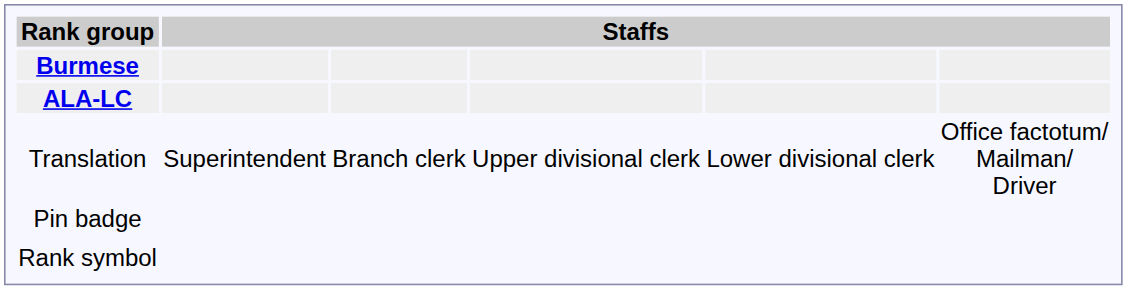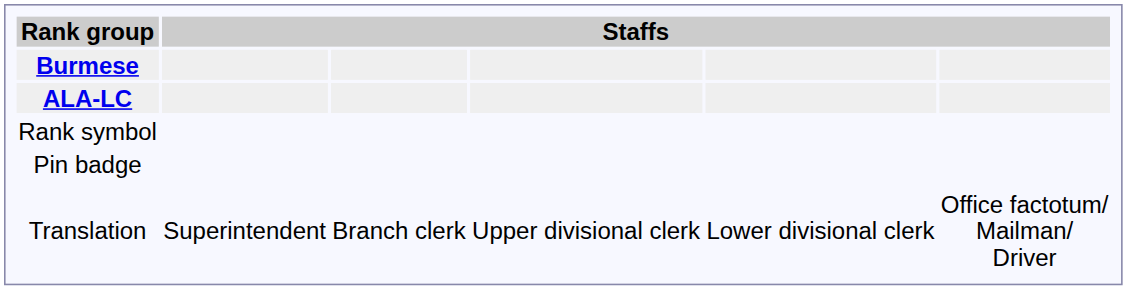 <table style="border:1px solid #8888aa; background-color:#f7f8ff; padding:5px; font-size:95%; margin: 0px 12px 12px 0px;">
 <tr style="text-align:center; background:#cccccc;">
 <th>Rank group</th>
 <th colspan=5>Staffs</th>
 </tr>
 <tr style="text-align:center; background:#efefef;">
 <th><a href='#'>Burmese</a></th>
 <td></td>
 <td></td>
 <td></td>
 <td></td>
 <td></td>
 </tr>
 <tr style="text-align:center; background:#efefef;">
 <th><a href='#'>ALA-LC</a></th>
 <td></td>
 <td></td>
 <td></td>
 <td></td>
 <td></td>
 </tr>
 <tr style="text-align:center;">
-<td>Translation</td>
-<td>Superintendent</td>
-<td>Branch clerk</td>
-<td>Upper divisional clerk</td>
-<td>Lower divisional clerk</td>
-<td>Office factotum/<br>Mailman/<br>Driver</td>
+<td>Rank symbol</td>
+<td></td>
+<td></td>
+<td></td>
+<td></td>
+<td></td>
 </tr>
 <tr style="text-align:center;">
 <td>Pin badge</td>
 <td></td>
 <td></td>
 <td></td>
 <td></td>
 <td></td>
 </tr>
 <tr style="text-align:center;">
 <td colspan=6></td>
 </tr>
 <tr style="text-align:center;">
-<td>Rank symbol</td>
-<td></td>
-<td></td>
-<td></td>
-<td></td>
-<td></td>
+<td>Translation</td>
+<td>Superintendent</td>
+<td>Branch clerk</td>
+<td>Upper divisional clerk</td>
+<td>Lower divisional clerk</td>
+<td>Office factotum/<br>Mailman/<br>Driver</td>
 </tr>
 </table>
